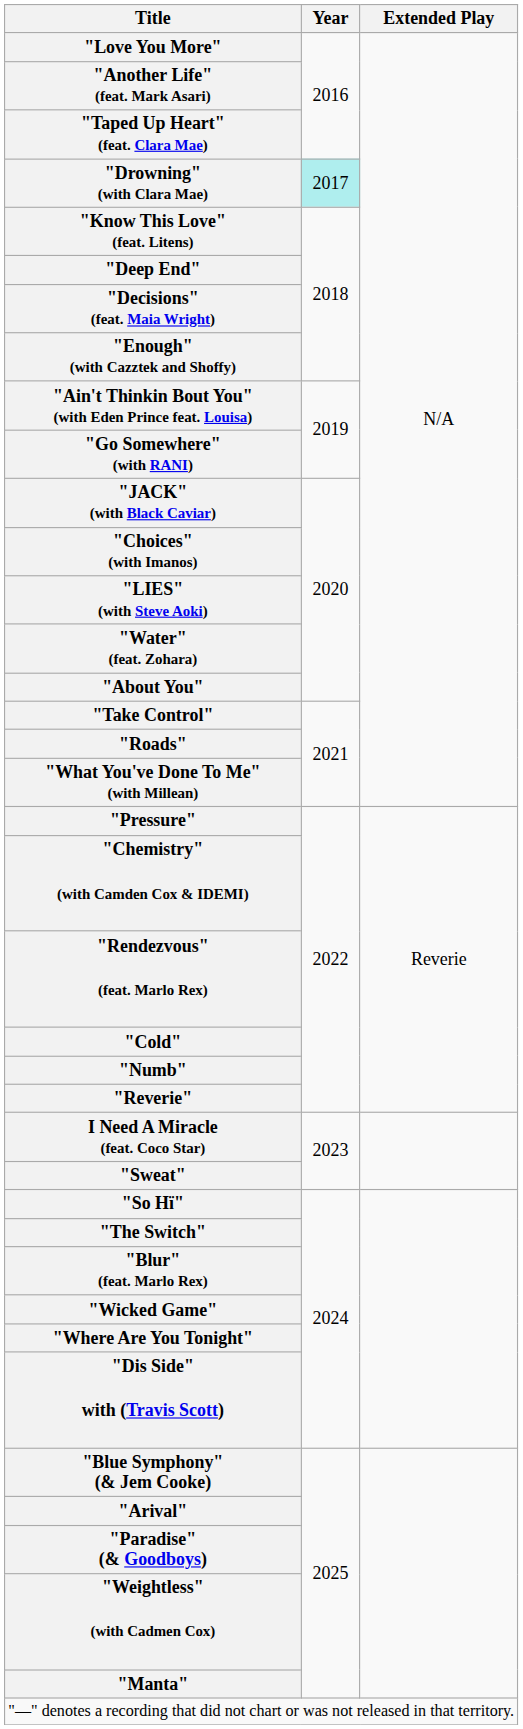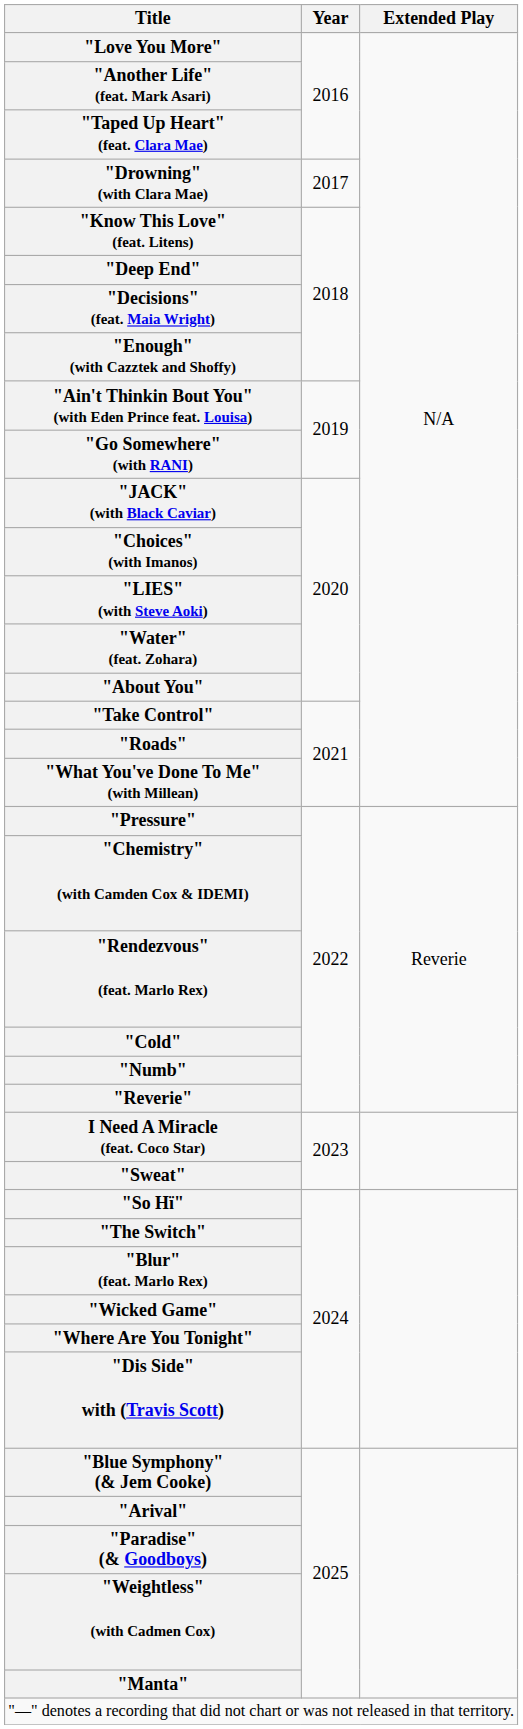 <table class="wikitable" style="text-align:center;">
 <tr>
 <th>Title</th>
 <th>Year</th>
 <th><strong>Extended Play</strong></th>
 </tr>
 <tr>
 <th>"Love You More"</th>
 <td rowspan="3">2016</td>
 <td rowspan="18">N/A</td>
 </tr>
 <tr>
 <th scope="row">"Another Life" <br><span><small>(feat. Mark Asari)</small></span></th>
 </tr>
 <tr>
 <th scope="row">"Taped Up Heart" <br><span><small>(feat. <a href='#'>Clara Mae</a>)</small></span></th>
 </tr>
 <tr>
 <th scope="row">"Drowning" <br><span><small>(with Clara Mae)</small></span></th>
-<td style="background: paleturquoise;">2017</td>
+<td>2017</td>
 </tr>
 <tr>
 <th scope="row">"Know This Love" <br><span><small>(feat. Litens)</small></span></th>
 <td rowspan="4">2018</td>
 </tr>
 <tr>
 <th scope="row">"Deep End"</th>
 </tr>
 <tr>
 <th scope="row">"Decisions" <br><span><small>(feat. <a href='#'>Maia Wright</a>)</small></span></th>
 </tr>
 <tr>
 <th scope="row">"Enough" <br><span><small>(with Cazztek and Shoffy)</small></span></th>
 </tr>
 <tr>
 <th scope="row">"Ain't Thinkin Bout You" <br><span><small>(with Eden Prince feat. <a href='#'>Louisa</a>)</small></span></th>
 <td rowspan="2">2019</td>
 </tr>
 <tr>
 <th scope="row">"Go Somewhere"<em> </em><br><span><small>(with <a href='#'>RANI</a>)</small></span></th>
 </tr>
 <tr>
 <th scope="row">"JACK" <br><span><small>(with <a href='#'>Black Caviar</a>)</small></span></th>
 <td rowspan="5">2020</td>
 </tr>
 <tr>
 <th>"Choices" <br><span><small>(with Imanos)</small></span></th>
 </tr>
 <tr>
 <th>"LIES" <br><span><small>(with <a href='#'>Steve Aoki</a>)</small></span></th>
 </tr>
 <tr>
 <th>"Water" <br><span><small><strong>(feat. Zohara)</strong></small></span></th>
 </tr>
 <tr>
 <th>"About You" </th>
 </tr>
 <tr>
 <th>"Take Control"</th>
 <td rowspan="3">2021</td>
 </tr>
 <tr>
 <th>"Roads"</th>
 </tr>
 <tr>
 <th>"What You've Done To Me"<br><span><small>(with Millean)</small></span></th>
 </tr>
 <tr>
 <th>"Pressure"</th>
 <td rowspan="6">2022</td>
 <td rowspan="6">Reverie</td>
 </tr>
 <tr>
 <th>"Chemistry"<br><h4><small>(with Camden Cox & IDEMI)</small></h4></th>
 </tr>
 <tr>
 <th>"Rendezvous"<br><h4><small>(feat. Marlo Rex)</small></h4></th>
 </tr>
 <tr>
 <th>"Cold"</th>
 </tr>
 <tr>
 <th>"Numb"</th>
 </tr>
 <tr>
 <th>"Reverie"</th>
 </tr>
 <tr>
 <th>I Need A Miracle<br><small>(feat. Coco Star)</small></th>
 <td rowspan="2">2023</td>
 <td rowspan="2"></td>
 </tr>
 <tr>
 <th>"Sweat"</th>
 </tr>
 <tr>
 <th>"So Hï"</th>
 <td rowspan="6">2024</td>
 <td rowspan="6"></td>
 </tr>
 <tr>
 <th>"The Switch"</th>
 </tr>
 <tr>
 <th>"Blur"<br><small>(feat. Marlo Rex)</small></th>
 </tr>
 <tr>
 <th>"Wicked Game"</th>
 </tr>
 <tr>
 <th>"Where Are You Tonight"</th>
 </tr>
 <tr>
 <th>"Dis Side"<br><h4>with (<a href='#'>Travis Scott</a>)</h4></th>
 </tr>
 <tr>
 <th>"Blue Symphony"<br>(& Jem Cooke)</th>
 <td rowspan="5">2025</td>
 <td rowspan="5"></td>
 </tr>
 <tr>
 <th>"Arival"</th>
 </tr>
 <tr>
 <th>"Paradise"<br>(& <a href='#'>Goodboys</a>)</th>
 </tr>
 <tr>
 <th>"Weightless"<br><h5>(with Cadmen Cox)</h5></th>
 </tr>
 <tr>
 <th>"Manta"</th>
 </tr>
 <tr>
 <td colspan="4" style="font-size:90%">"—" denotes a recording that did not chart or was not released in that territory.</td>
 </tr>
 </table>
